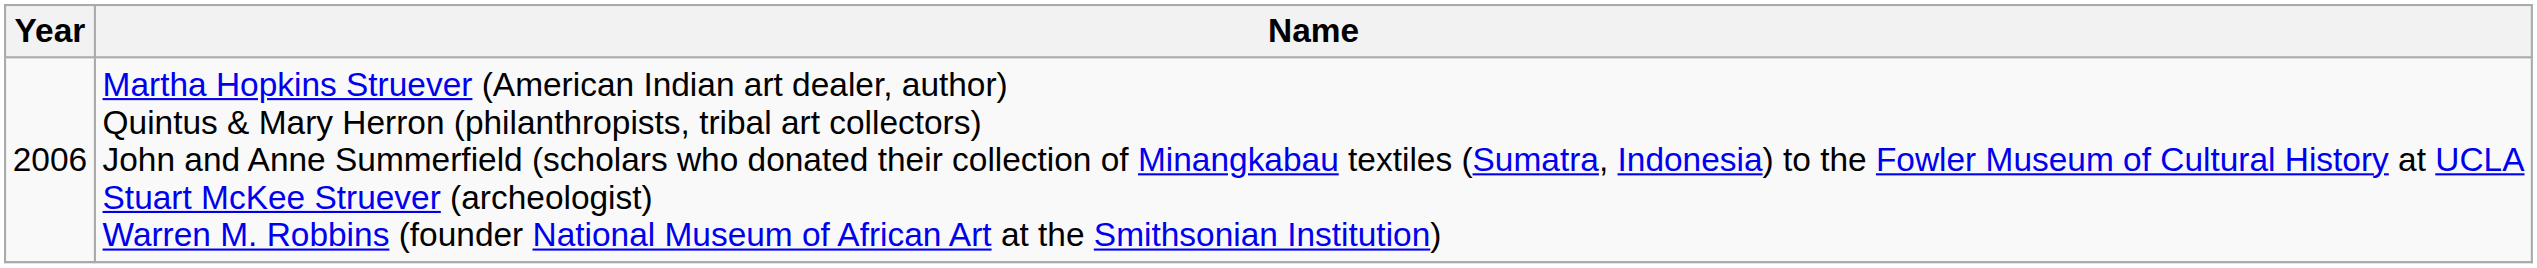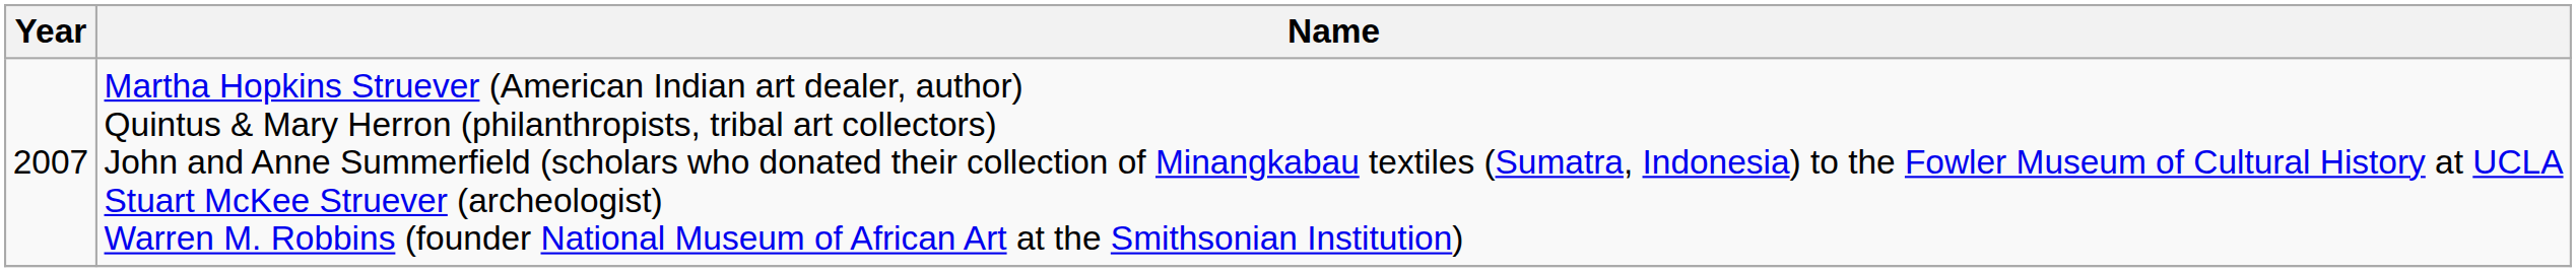 <table class="wikitable">
 <tr>
 <th>Year</th>
 <th>Name</th>
 </tr>
 <tr>
-<td>2006</td>
+<td>2007</td>
 <td><a href='#'>Martha Hopkins Struever</a> (American Indian art dealer, author)<br>Quintus & Mary Herron (philanthropists, tribal art collectors) <br> John and Anne Summerfield (scholars who donated their collection of <a href='#'>Minangkabau</a> textiles (<a href='#'>Sumatra</a>, <a href='#'>Indonesia</a>) to the <a href='#'>Fowler Museum of Cultural History</a> at <a href='#'>UCLA</a>  <br><a href='#'>Stuart McKee Struever</a> (archeologist) <br><a href='#'>Warren M. Robbins</a> (founder <a href='#'>National Museum of African Art</a> at the <a href='#'>Smithsonian Institution</a>)</td>
 </tr>
 <tr>
 </tr>
 </table>
